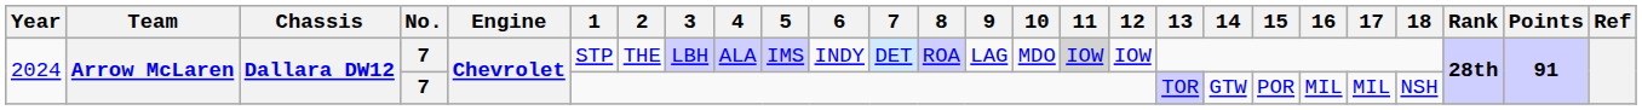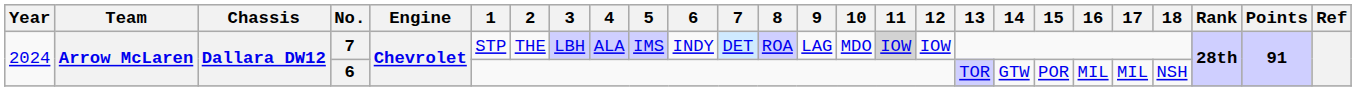 <table class="wikitable" style="text-align:center; font-size:85%">
 <tr>
 <th>Year</th>
 <th>Team</th>
 <th>Chassis</th>
 <th>No.</th>
 <th>Engine</th>
 <th>1</th>
 <th>2</th>
 <th>3</th>
 <th>4</th>
 <th>5</th>
 <th>6</th>
 <th>7</th>
 <th>8</th>
 <th>9</th>
 <th>10</th>
 <th>11</th>
 <th>12</th>
 <th>13</th>
 <th>14</th>
 <th>15</th>
 <th>16</th>
 <th>17</th>
 <th>18</th>
 <th>Rank</th>
 <th>Points</th>
 <th>Ref</th>
 </tr>
 <tr>
 <td rowspan=2><a href='#'>2024</a></td>
 <th nowrap rowspan=2><a href='#'>Arrow McLaren</a></th>
 <th rowspan="2" nowrap><a href='#'>Dallara DW12</a></th>
 <th>7</th>
 <th rowspan="2"><a href='#'>Chevrolet</a></th>
 <td><a href='#'>STP</a><br></td>
 <td><a href='#'>THE</a><br></td>
 <td style="background:#CFCFFF;"><a href='#'>LBH</a><br></td>
 <td style="background:#CFCFFF;"><a href='#'>ALA</a><br></td>
 <td style="background:#CFCFFF;"><a href='#'>IMS</a><br></td>
 <td><a href='#'>INDY</a><br></td>
 <td style="background:#CFEAFF;"><a href='#'>DET</a><br></td>
 <td style="background:#CFCFFF;"><a href='#'>ROA</a><br></td>
 <td><a href='#'>LAG</a><br></td>
 <td><a href='#'>MDO</a><br></td>
 <td style="background: lightgrey;"><a href='#'>IOW</a><br></td>
 <td><a href='#'>IOW</a><br></td>
 <td colspan=6></td>
 <th rowspan=2 style="background:#CFCFFF;">28th</th>
 <th rowspan=2 style="background:#CFCFFF;">91</th>
 <th rowspan=2></th>
 </tr>
 <tr>
-<th>7</th>
+<th>6</th>
 <td colspan=12></td>
 <td style="background:#CFCFFF;"><a href='#'>TOR</a><br></td>
 <td><a href='#'>GTW</a><br></td>
 <td><a href='#'>POR</a><br></td>
 <td><a href='#'>MIL</a><br></td>
 <td><a href='#'>MIL</a><br></td>
 <td><a href='#'>NSH</a><br></td>
 </tr>
 </table>
